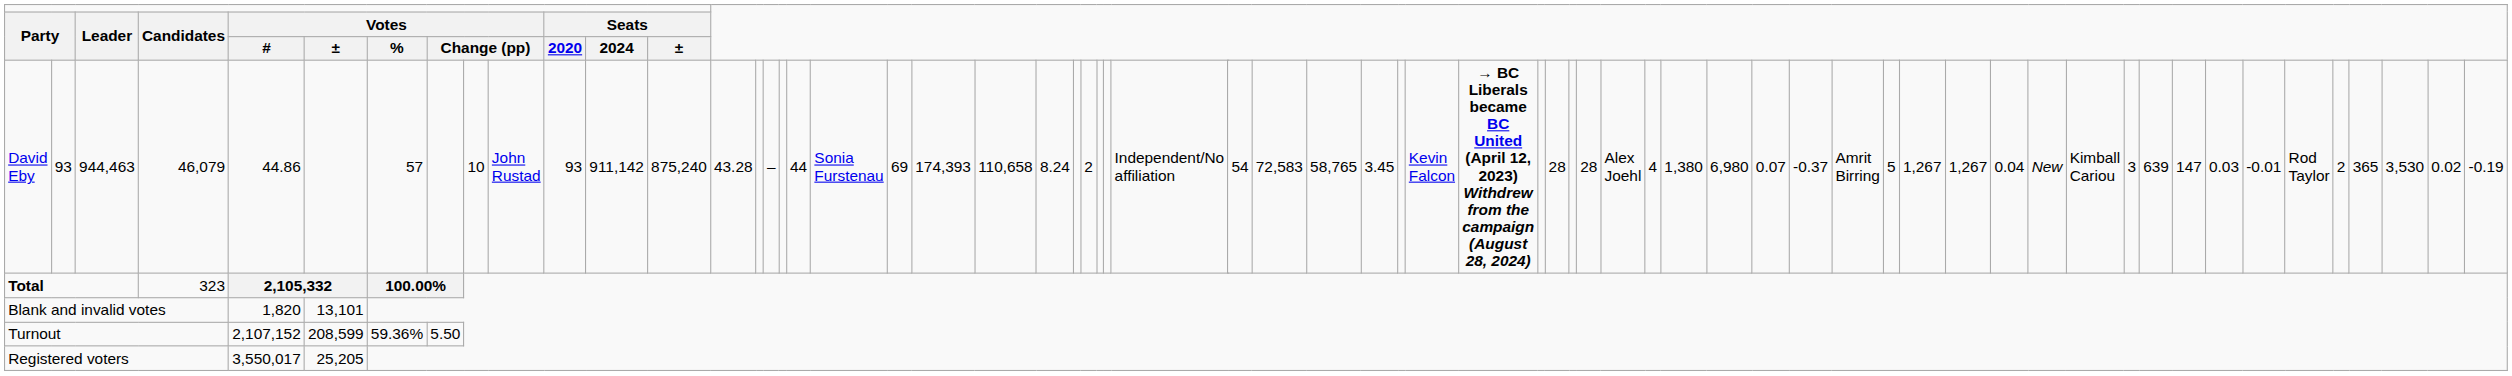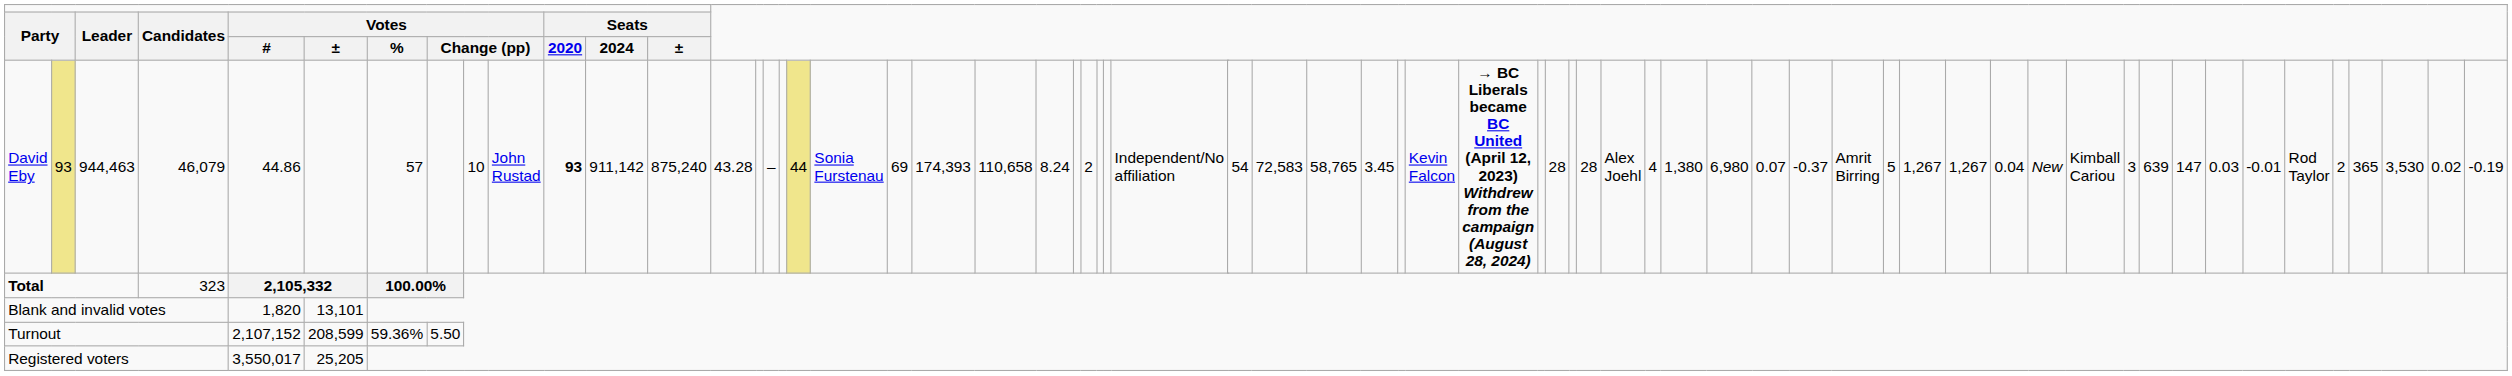 <table class="wikitable" style="text-align:right; font-size:90%">
 <tr>
 <td colspan=13; style=text-align:center></td>
 </tr>
 <tr>
 <th rowspan="2" colspan="2" style="width:15%">Party</th>
 <th rowspan="2">Leader</th>
 <th rowspan="2">Candidates</th>
 <th colspan="6">Votes</th>
 <th colspan="3">Seats</th>
 </tr>
 <tr>
 <th>#</th>
 <th>±</th>
 <th>%</th>
 <th colspan="3">Change (pp)</th>
 <th><a href='#'>2020</a></th>
 <th>2024</th>
 <th>±</th>
 </tr>
 <tr>
 <td style="text-align: left;"><a href='#'>David Eby</a></td>
-<td>93</td>
+<td style="background: khaki;">93</td>
 <td>944,463</td>
 <td>46,079</td>
 <td>44.86</td>
 <td></td>
 <td>57</td>
 <td></td>
 <td>10<br></td>
 <td style="text-align: left;"><a href='#'>John Rustad</a></td>
-<td>93</td>
+<td><strong>93</strong></td>
 <td>911,142</td>
 <td>875,240</td>
 <td>43.28</td>
 <td></td>
 <td>–</td>
 <td></td>
-<td>44<br></td>
+<td style="background: khaki;">44<br></td>
 <td style="text-align: left;"><a href='#'>Sonia Furstenau</a></td>
 <td>69</td>
 <td>174,393</td>
 <td>110,658</td>
 <td>8.24</td>
 <td></td>
 <td>2</td>
 <td></td>
 <td><br></td>
 <td style="text-align: left;" colspan="2">Independent/No affiliation</td>
 <td>54</td>
 <td>72,583</td>
 <td>58,765</td>
 <td>3.45</td>
 <td><br></td>
 <td style="text-align: left;"><a href='#'>Kevin Falcon</a></td>
 <td colspan="4" style="text-align:center;">→ <strong>BC Liberals became <a href='#'>BC United</a> (April 12, 2023)</strong><br><strong><em>Withdrew from the campaign (August 28, 2024)</em></strong></td>
 <td></td>
 <td>28</td>
 <td></td>
 <td>28<br></td>
 <td style="text-align: left;">Alex Joehl</td>
 <td>4</td>
 <td>1,380</td>
 <td>6,980</td>
 <td>0.07</td>
 <td>-0.37<br></td>
 <td style="text-align: left;">Amrit Birring</td>
 <td>5</td>
 <td>1,267</td>
 <td>1,267</td>
 <td>0.04</td>
 <td><em>New</em><br></td>
 <td style="text-align: left;">Kimball Cariou</td>
 <td>3</td>
 <td>639</td>
 <td>147</td>
 <td>0.03</td>
 <td>-0.01<br></td>
 <td style="text-align: left;">Rod Taylor</td>
 <td>2</td>
 <td>365</td>
 <td>3,530</td>
 <td>0.02</td>
 <td>-0.19</td>
 </tr>
 <tr>
 <td colspan="3" style="text-align: left;"><strong>Total</strong></td>
 <td>323</td>
 <th colspan="2">2,105,332</th>
 <th colspan="2">100.00%</th>
 </tr>
 <tr>
 <td colspan="4" style="text-align:left;">Blank and invalid votes</td>
 <td>1,820</td>
 <td>13,101</td>
 </tr>
 <tr>
 <td colspan="4" style="text-align:left;">Turnout</td>
 <td>2,107,152</td>
 <td>208,599</td>
 <td>59.36%</td>
 <td>5.50</td>
 </tr>
 <tr>
 <td colspan="4" style="text-align:left;">Registered voters</td>
 <td>3,550,017</td>
 <td>25,205</td>
 </tr>
 </table>
